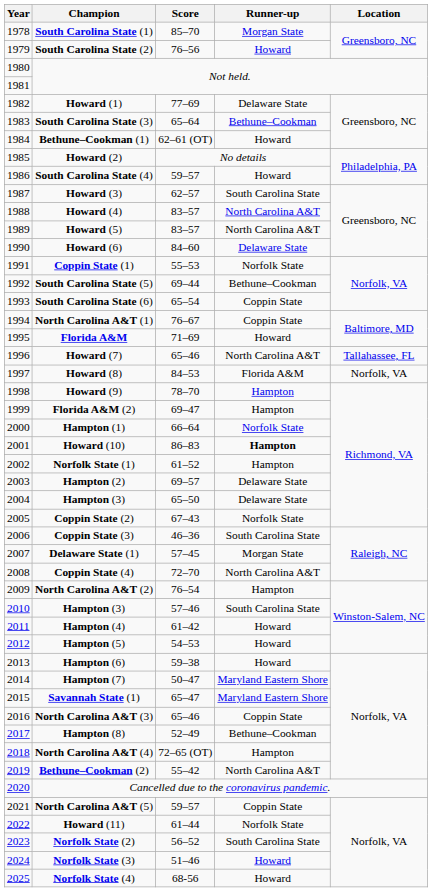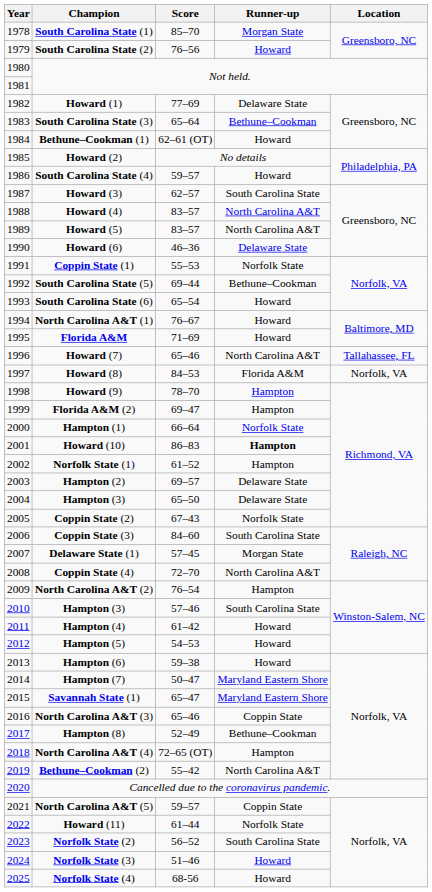 <table class="wikitable sortable" style="text-align:center">
 <tr>
 <th width=px>Year</th>
 <th width=px>Champion</th>
 <th width=px>Score</th>
 <th width=px>Runner-up</th>
 <th width=px>Location</th>
 </tr>
 <tr>
 <td>1978</td>
 <td><strong><a href='#'>South Carolina State</a></strong> (1)</td>
 <td>85–70</td>
 <td><a href='#'>Morgan State</a></td>
 <td rowspan=2><a href='#'>Greensboro, NC</a></td>
 </tr>
 <tr>
 <td>1979</td>
 <td><strong>South Carolina State</strong> (2)</td>
 <td>76–56</td>
 <td><a href='#'>Howard</a></td>
 </tr>
 <tr>
 <td>1980</td>
 <td rowspan=2, colspan=4><em>Not held.</em></td>
 </tr>
 <tr>
 <td>1981</td>
 </tr>
 <tr>
 <td>1982</td>
 <td><strong>Howard</strong> (1)</td>
 <td>77–69</td>
 <td>Delaware State</td>
 <td rowspan=3>Greensboro, NC</td>
 </tr>
 <tr>
 <td>1983</td>
 <td><strong>South Carolina State</strong> (3)</td>
 <td>65–64</td>
 <td><a href='#'>Bethune–Cookman</a></td>
 </tr>
 <tr>
 <td>1984</td>
 <td><strong>Bethune–Cookman</strong> (1)</td>
 <td>62–61 (OT)</td>
 <td>Howard</td>
 </tr>
 <tr>
 <td>1985</td>
 <td><strong>Howard</strong> (2)</td>
 <td colspan=2><em>No details</em></td>
 <td rowspan=2><a href='#'>Philadelphia, PA</a></td>
 </tr>
 <tr>
 <td>1986</td>
 <td><strong>South Carolina State</strong> (4)</td>
 <td>59–57</td>
 <td>Howard</td>
 </tr>
 <tr>
 <td>1987</td>
 <td><strong>Howard</strong> (3)</td>
 <td>62–57</td>
 <td>South Carolina State</td>
 <td rowspan=4>Greensboro, NC</td>
 </tr>
 <tr>
 <td>1988</td>
 <td><strong>Howard</strong> (4)</td>
 <td>83–57</td>
 <td><a href='#'>North Carolina A&T</a></td>
 </tr>
 <tr>
 <td>1989</td>
 <td><strong>Howard</strong> (5)</td>
 <td>83–57</td>
 <td>North Carolina A&T</td>
 </tr>
 <tr>
 <td>1990</td>
 <td><strong>Howard</strong> (6)</td>
-<td>84–60</td>
+<td>46–36</td>
 <td><a href='#'>Delaware State</a></td>
 </tr>
 <tr>
 <td>1991</td>
 <td><strong><a href='#'>Coppin State</a></strong> (1)</td>
 <td>55–53</td>
 <td>Norfolk State</td>
 <td rowspan=3><a href='#'>Norfolk, VA</a></td>
 </tr>
 <tr>
 <td>1992</td>
 <td><strong>South Carolina State</strong> (5)</td>
 <td>69–44</td>
 <td>Bethune–Cookman</td>
 </tr>
 <tr>
 <td>1993</td>
 <td><strong>South Carolina State</strong> (6)</td>
 <td>65–54</td>
-<td>Coppin State</td>
+<td>Howard</td>
 </tr>
 <tr>
 <td>1994</td>
 <td><strong>North Carolina A&T</strong> (1)</td>
 <td>76–67</td>
-<td>Coppin State</td>
+<td>Howard</td>
 <td rowspan=2><a href='#'>Baltimore, MD</a></td>
 </tr>
 <tr>
 <td>1995</td>
 <td><strong><a href='#'>Florida A&M</a></strong></td>
 <td>71–69</td>
 <td>Howard</td>
 </tr>
 <tr>
 <td>1996</td>
 <td><strong>Howard</strong> (7)</td>
 <td>65–46</td>
 <td>North Carolina A&T</td>
 <td><a href='#'>Tallahassee, FL</a></td>
 </tr>
 <tr>
 <td>1997</td>
 <td><strong>Howard</strong> (8)</td>
 <td>84–53</td>
 <td>Florida A&M</td>
 <td>Norfolk, VA</td>
 </tr>
 <tr>
 <td>1998</td>
 <td><strong>Howard</strong> (9)</td>
 <td>78–70</td>
 <td><a href='#'>Hampton</a></td>
 <td rowspan=8><a href='#'>Richmond, VA</a></td>
 </tr>
 <tr>
 <td>1999</td>
 <td><strong>Florida A&M</strong> (2)</td>
 <td>69–47</td>
 <td>Hampton</td>
 </tr>
 <tr>
 <td>2000</td>
 <td><strong>Hampton</strong> (1)</td>
 <td>66–64</td>
 <td><a href='#'>Norfolk State</a></td>
 </tr>
 <tr>
 <td>2001</td>
 <td><strong>Howard</strong> (10)</td>
 <td>86–83</td>
 <td><strong>Hampton</strong></td>
 </tr>
 <tr>
 <td>2002</td>
 <td><strong>Norfolk State</strong> (1)</td>
 <td>61–52</td>
 <td>Hampton</td>
 </tr>
 <tr>
 <td>2003</td>
 <td><strong>Hampton</strong> (2)</td>
 <td>69–57</td>
 <td>Delaware State</td>
 </tr>
 <tr>
 <td>2004</td>
 <td><strong>Hampton</strong> (3)</td>
 <td>65–50</td>
 <td>Delaware State</td>
 </tr>
 <tr>
 <td>2005</td>
 <td><strong>Coppin State</strong> (2)</td>
 <td>67–43</td>
 <td>Norfolk State</td>
 </tr>
 <tr>
 <td>2006</td>
 <td><strong>Coppin State</strong> (3)</td>
-<td>46–36</td>
+<td>84–60</td>
 <td>South Carolina State</td>
 <td rowspan=3><a href='#'>Raleigh, NC</a></td>
 </tr>
 <tr>
 <td>2007</td>
 <td><strong>Delaware State</strong> (1)</td>
 <td>57–45</td>
 <td>Morgan State</td>
 </tr>
 <tr>
 <td>2008</td>
 <td><strong>Coppin State</strong> (4)</td>
 <td>72–70</td>
 <td>North Carolina A&T</td>
 </tr>
 <tr>
 <td>2009</td>
 <td><strong>North Carolina A&T</strong> (2)</td>
 <td>76–54</td>
 <td>Hampton</td>
 <td rowspan=4><a href='#'>Winston-Salem, NC</a></td>
 </tr>
 <tr>
 <td><a href='#'>2010</a></td>
 <td><strong>Hampton</strong> (3)</td>
 <td>57–46</td>
 <td>South Carolina State</td>
 </tr>
 <tr>
 <td><a href='#'>2011</a></td>
 <td><strong>Hampton</strong> (4)</td>
 <td>61–42</td>
 <td>Howard</td>
 </tr>
 <tr>
 <td><a href='#'>2012</a></td>
 <td><strong>Hampton</strong> (5)</td>
 <td>54–53</td>
 <td>Howard</td>
 </tr>
 <tr>
 <td>2013</td>
 <td><strong>Hampton</strong> (6)</td>
 <td>59–38</td>
 <td>Howard</td>
 <td rowspan="7">Norfolk, VA</td>
 </tr>
 <tr>
 <td>2014</td>
 <td><strong>Hampton</strong> (7)</td>
 <td>50–47</td>
 <td><a href='#'>Maryland Eastern Shore</a></td>
 </tr>
 <tr>
 <td>2015</td>
 <td><strong><a href='#'>Savannah State</a></strong> (1)</td>
 <td>65–47</td>
 <td><a href='#'>Maryland Eastern Shore</a></td>
 </tr>
 <tr>
 <td>2016</td>
 <td><strong>North Carolina A&T</strong> (3)</td>
 <td>65–46</td>
 <td>Coppin State</td>
 </tr>
 <tr>
 <td><a href='#'>2017</a></td>
 <td><strong>Hampton</strong> (8)</td>
 <td>52–49</td>
 <td>Bethune–Cookman</td>
 </tr>
 <tr>
 <td><a href='#'>2018</a></td>
 <td><strong>North Carolina A&T</strong> (4)</td>
 <td>72–65 (OT)</td>
 <td>Hampton</td>
 </tr>
 <tr>
 <td><a href='#'>2019</a></td>
 <td><strong><a href='#'>Bethune–Cookman</a></strong> (2)</td>
 <td>55–42</td>
 <td>North Carolina A&T</td>
 </tr>
 <tr>
 <td><a href='#'>2020</a></td>
 <td colspan="4"><em>Cancelled due to the <a href='#'>coronavirus pandemic</a>.</em></td>
 </tr>
 <tr>
 <td>2021</td>
 <td><strong>North Carolina A&T</strong> (5)</td>
 <td>59–57</td>
 <td>Coppin State</td>
 <td rowspan="5">Norfolk, VA</td>
 </tr>
 <tr>
 <td><a href='#'>2022</a></td>
 <td><strong>Howard</strong> (11)</td>
 <td>61–44</td>
 <td>Norfolk State</td>
 </tr>
 <tr>
 <td><a href='#'>2023</a></td>
 <td><strong><a href='#'>Norfolk State</a></strong> (2)</td>
 <td>56–52</td>
 <td>South Carolina State</td>
 </tr>
 <tr>
 <td><a href='#'>2024</a></td>
 <td><strong><a href='#'>Norfolk State</a></strong> (3)</td>
 <td>51–46</td>
 <td><a href='#'>Howard</a></td>
 </tr>
 <tr>
 <td><a href='#'>2025</a></td>
 <td><strong><a href='#'>Norfolk State</a></strong> (4)</td>
 <td>68-56</td>
 <td>Howard</td>
 </tr>
 </table>
